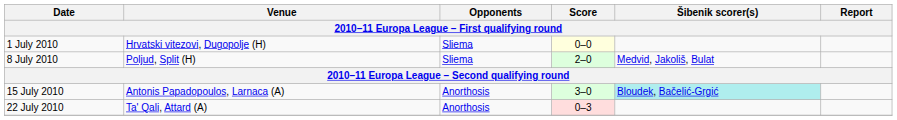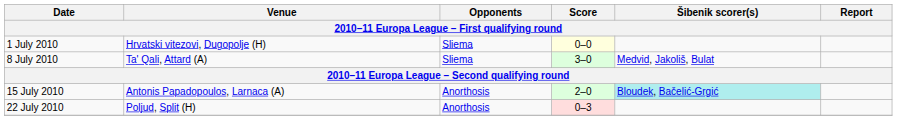 <table class="wikitable" width=85%; style="text-align: left; font-size:95%;">
 <tr>
 <th>Date</th>
 <th>Venue</th>
 <th>Opponents</th>
 <th>Score</th>
 <th>Šibenik scorer(s)</th>
 <th>Report</th>
 </tr>
 <tr>
 <th colspan=7><a href='#'>2010–11 Europa League – First qualifying round</a></th>
 </tr>
 <tr>
 <td>1 July 2010</td>
 <td><a href='#'>Hrvatski vitezovi</a>, <a href='#'>Dugopolje</a> (H)</td>
 <td> <a href='#'>Sliema</a></td>
 <td align=center bgcolor=ffffdd>0–0</td>
 <td></td>
 <td></td>
 </tr>
 <tr>
 <td>8 July 2010</td>
-<td><a href='#'>Poljud</a>, <a href='#'>Split</a> (H)</td>
+<td><a href='#'>Ta' Qali</a>, <a href='#'>Attard</a> (A)</td>
 <td> <a href='#'>Sliema</a></td>
-<td align=center bgcolor=ddffdd>2–0</td>
+<td align=center bgcolor=ddffdd>3–0</td>
 <td><a href='#'>Medvid</a>, <a href='#'>Jakoliš</a>, <a href='#'>Bulat</a></td>
 <td></td>
 </tr>
 <tr>
 <th colspan=7><a href='#'>2010–11 Europa League – Second qualifying round</a></th>
 </tr>
 <tr>
 <td>15 July 2010</td>
 <td><a href='#'>Antonis Papadopoulos</a>, <a href='#'>Larnaca</a> (A)</td>
 <td> <a href='#'>Anorthosis</a></td>
-<td align=center bgcolor=ddffdd>3–0</td>
+<td align=center bgcolor=ddffdd>2–0</td>
 <td style="background: paleturquoise;"><a href='#'>Bloudek</a>, <a href='#'>Bačelić-Grgić</a></td>
 <td></td>
 </tr>
 <tr>
 <td>22 July 2010</td>
-<td><a href='#'>Ta' Qali</a>, <a href='#'>Attard</a> (A)</td>
+<td><a href='#'>Poljud</a>, <a href='#'>Split</a> (H)</td>
 <td> <a href='#'>Anorthosis</a></td>
 <td align=center bgcolor=ffdddd>0–3</td>
 <td></td>
 <td></td>
 </tr>
 <tr>
 </tr>
 </table>
